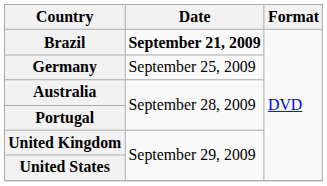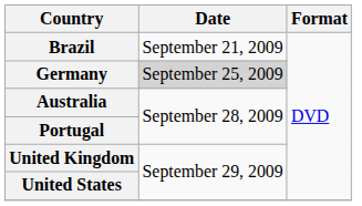 <table class="wikitable plainrowheaders">
 <tr>
 <th>Country</th>
 <th>Date</th>
 <th>Format</th>
 </tr>
 <tr>
 <th scope="row">Brazil</th>
-<td><strong>September 21, 2009</strong></td>
+<td>September 21, 2009</td>
 <td rowspan="6"><a href='#'>DVD</a></td>
 </tr>
 <tr>
 <th scope="row">Germany</th>
-<td>September 25, 2009</td>
+<td style="background: lightgrey;">September 25, 2009</td>
 </tr>
 <tr>
 <th scope="row">Australia</th>
 <td rowspan="2">September 28, 2009</td>
 </tr>
 <tr>
 <th scope="row">Portugal</th>
 </tr>
 <tr>
 <th scope="row">United Kingdom</th>
 <td rowspan="2">September 29, 2009</td>
 </tr>
 <tr>
 <th scope="row">United States</th>
 </tr>
 <tr>
 </tr>
 </table>
